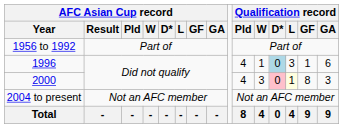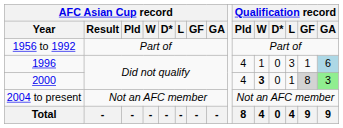 <table class="wikitable" style="text-align: center;">
 <tr>
 <th colspan=8><a href='#'>AFC Asian Cup</a> record</th>
 <td rowspan=7></td>
 <th colspan=6><a href='#'>Qualification</a> record</th>
 </tr>
 <tr>
 <th>Year</th>
 <th>Result</th>
 <th>Pld</th>
 <th>W</th>
 <th>D*</th>
 <th>L</th>
 <th>GF</th>
 <th>GA</th>
 <th>Pld</th>
 <th>W</th>
 <th>D*</th>
 <th>L</th>
 <th>GF</th>
 <th>GA</th>
 </tr>
 <tr>
 <td> <a href='#'>1956</a> to  <a href='#'>1992</a></td>
 <td colspan=7><em>Part of </em></td>
 <td colspan=6><em>Part of </em></td>
 </tr>
 <tr>
 <td> <a href='#'>1996</a></td>
 <td colspan=7 rowspan=2><em>Did not qualify</em></td>
 <td>4</td>
 <td>1</td>
-<td style="background: lightblue;">0</td>
+<td>0</td>
 <td>3</td>
 <td>1</td>
-<td>6</td>
+<td style="background: lightblue;">6</td>
 </tr>
 <tr>
 <td> <a href='#'>2000</a></td>
 <td>4</td>
-<td>3</td>
-<td style="background: pink;">0</td>
-<td style="background: lightyellow;">1</td>
-<td>8</td>
-<td>3</td>
+<td><strong>3</strong></td>
+<td>0</td>
+<td>1</td>
+<td style="background: lightgrey;">8</td>
+<td style="background: lightgreen;">3</td>
 </tr>
 <tr>
 <td> <a href='#'>2004</a> to present</td>
 <td colspan=8><em>Not an AFC member</em></td>
 <td colspan=6><em>Not an AFC member</em></td>
 </tr>
 <tr>
 <th>Total</th>
 <th>-</th>
 <th>-</th>
 <th>-</th>
 <th>-</th>
 <th>-</th>
 <th>-</th>
 <th>-</th>
 <th>8</th>
 <th>4</th>
 <th>0</th>
 <th>4</th>
 <th>9</th>
 <th>9</th>
 </tr>
 </table>
